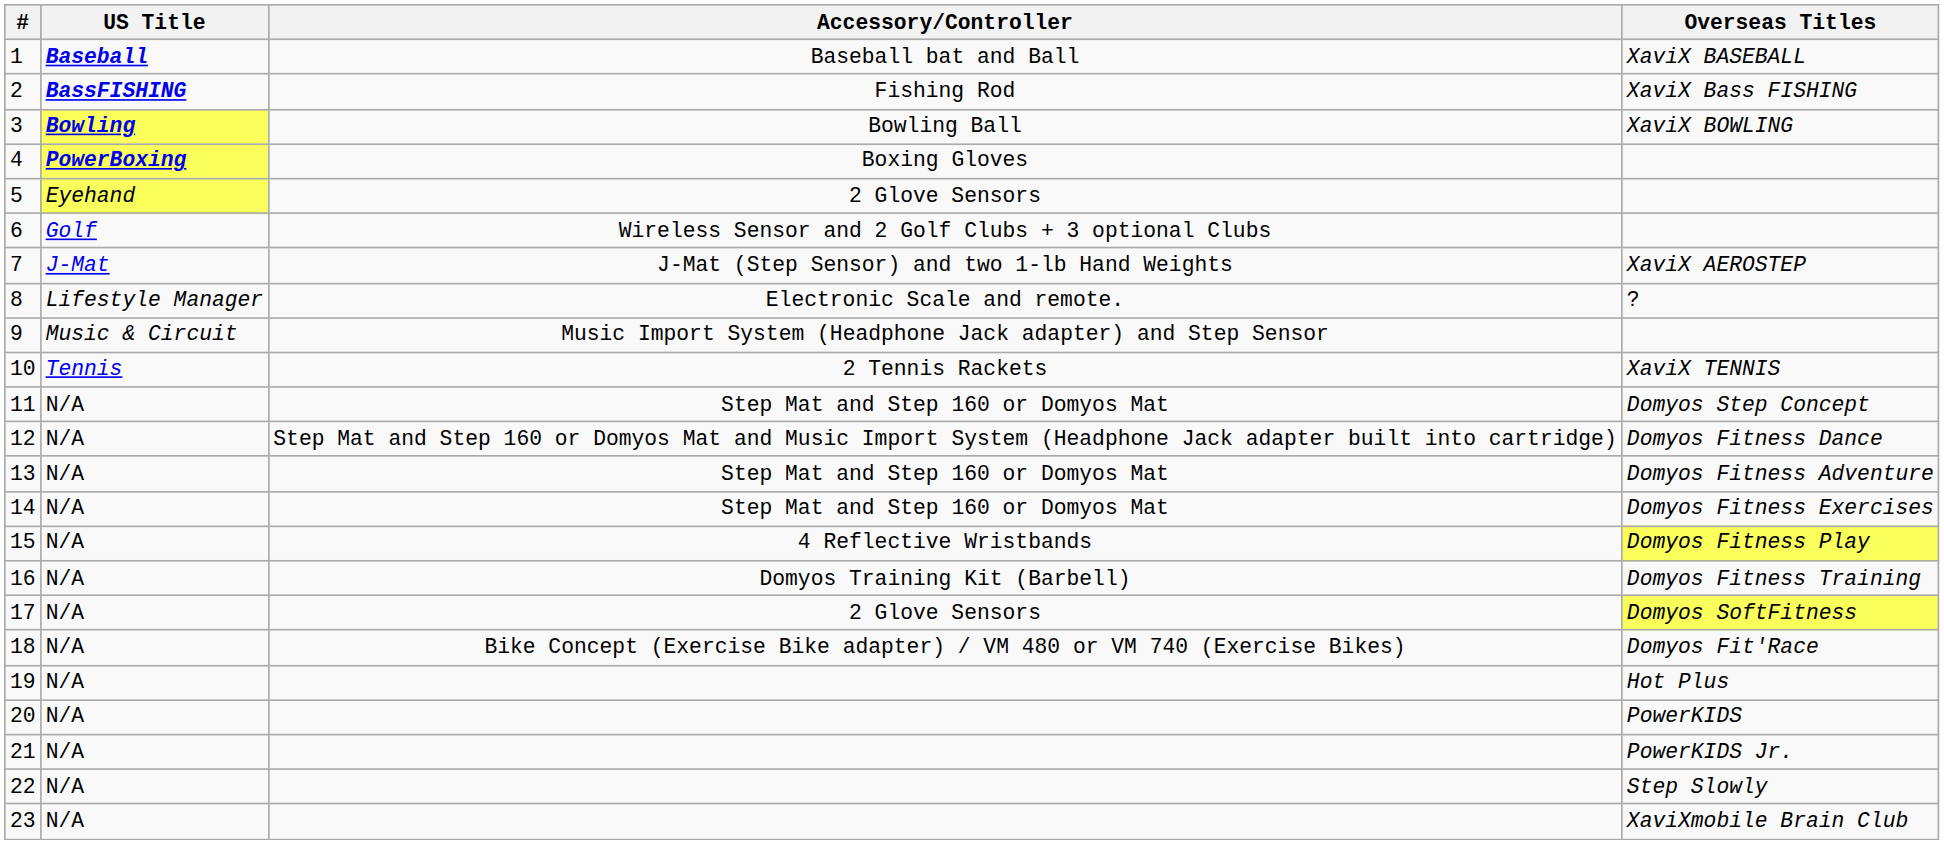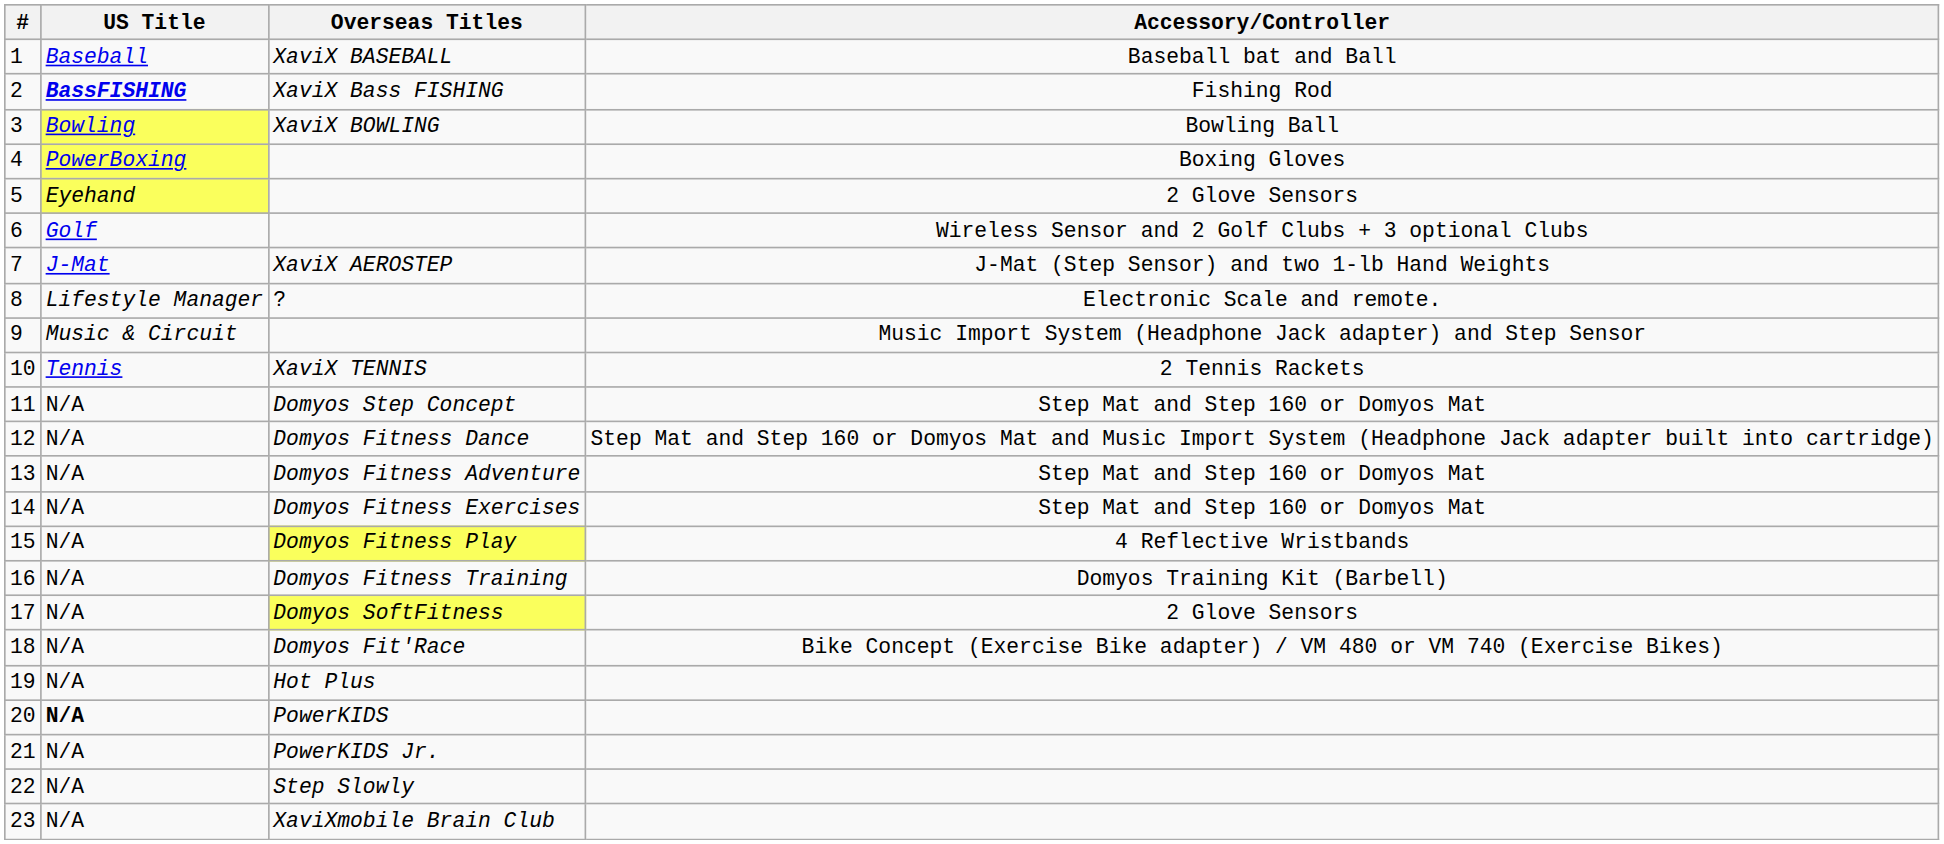 <table class="wikitable sortable" border="1" id="xavixgames">
 <tr>
 <th scope="col">#</th>
 <th scope="col">US Title</th>
+<th scope="col">Overseas Titles</th>
 <th scope="col">Accessory/Controller</th>
-<th scope="col">Overseas Titles</th>
 </tr>
 <tr>
 <td>1</td>
-<td><strong><em><a href='#'>Baseball</a></em></strong></td>
+<td><em><a href='#'>Baseball</a></em></td>
+<td><em>XaviX BASEBALL</em></td>
 <td style="text-align: center;">Baseball bat and Ball </td>
-<td><em>XaviX BASEBALL</em></td>
 </tr>
 <tr>
 <td>2</td>
 <td><strong><em><a href='#'>BassFISHING</a></em></strong></td>
+<td><em>XaviX Bass FISHING</em></td>
 <td style="text-align: center;">Fishing Rod</td>
-<td><em>XaviX Bass FISHING</em></td>
 </tr>
 <tr>
 <td>3</td>
-<td style="background:#FAFF5C;"><strong><em><a href='#'>Bowling</a></em></strong></td>
+<td style="background:#FAFF5C;"><em><a href='#'>Bowling</a></em></td>
+<td><em>XaviX BOWLING</em></td>
 <td style="text-align: center;">Bowling Ball</td>
-<td><em>XaviX BOWLING</em></td>
 </tr>
 <tr>
 <td>4</td>
-<td style="background:#FAFF5C;"><strong><em><a href='#'>PowerBoxing</a></em></strong></td>
+<td style="background:#FAFF5C;"><em><a href='#'>PowerBoxing</a></em></td>
+<td><em></em></td>
 <td style="text-align: center;">Boxing Gloves</td>
-<td><em></em></td>
 </tr>
 <tr>
 <td>5</td>
 <td style="background:#FAFF5C;"><em>Eyehand</em></td>
+<td><em></em></td>
 <td style="text-align: center;">2 Glove Sensors</td>
-<td><em></em></td>
 </tr>
 <tr>
 <td>6</td>
 <td><em><a href='#'>Golf</a></em></td>
+<td><em></em></td>
 <td style="text-align: center;">Wireless Sensor and 2 Golf Clubs + 3 optional Clubs</td>
-<td><em></em></td>
 </tr>
 <tr>
 <td>7</td>
 <td><em><a href='#'>J-Mat</a></em></td>
+<td><em>XaviX AEROSTEP</em></td>
 <td style="text-align: center;">J-Mat (Step Sensor) and two 1-lb Hand Weights</td>
-<td><em>XaviX AEROSTEP</em></td>
 </tr>
 <tr>
 <td>8</td>
 <td><em>Lifestyle Manager</em></td>
+<td>?</td>
 <td style="text-align: center;">Electronic Scale and remote.</td>
-<td>?</td>
 </tr>
 <tr>
 <td>9</td>
 <td><em>Music & Circuit</em></td>
+<td><em></em></td>
 <td style="text-align: center;">Music Import System (Headphone Jack adapter) and Step Sensor</td>
-<td><em></em></td>
 </tr>
 <tr>
 <td>10</td>
 <td><em><a href='#'>Tennis</a></em></td>
+<td><em>XaviX TENNIS</em></td>
 <td style="text-align: center;">2 Tennis Rackets </td>
-<td><em>XaviX TENNIS</em></td>
 </tr>
 <tr>
 <td>11</td>
 <td>N/A</td>
+<td><em>Domyos Step Concept</em></td>
 <td style="text-align: center;">Step Mat and Step 160 or Domyos Mat</td>
-<td><em>Domyos Step Concept</em></td>
 </tr>
 <tr>
 <td>12</td>
 <td>N/A</td>
+<td><em>Domyos Fitness Dance</em></td>
 <td style="text-align: center;">Step Mat and Step 160 or Domyos Mat and Music Import System (Headphone Jack adapter built into cartridge)</td>
-<td><em>Domyos Fitness Dance</em></td>
 </tr>
 <tr>
 <td>13</td>
 <td>N/A</td>
+<td><em>Domyos Fitness Adventure</em></td>
 <td style="text-align: center;">Step Mat and Step 160 or Domyos Mat</td>
-<td><em>Domyos Fitness Adventure</em></td>
 </tr>
 <tr>
 <td>14</td>
 <td>N/A</td>
+<td><em>Domyos Fitness Exercises</em></td>
 <td style="text-align: center;">Step Mat and Step 160 or Domyos Mat</td>
-<td><em>Domyos Fitness Exercises</em></td>
 </tr>
 <tr>
 <td>15</td>
 <td>N/A</td>
+<td style="background:#FAFF5C;"><em>Domyos Fitness Play</em></td>
 <td style="text-align: center;">4 Reflective Wristbands</td>
-<td style="background:#FAFF5C;"><em>Domyos Fitness Play</em></td>
 </tr>
 <tr>
 <td>16</td>
 <td>N/A</td>
+<td><em>Domyos Fitness Training</em></td>
 <td style="text-align: center;">Domyos Training Kit (Barbell)</td>
-<td><em>Domyos Fitness Training</em></td>
 </tr>
 <tr>
 <td>17</td>
 <td>N/A</td>
+<td style="background:#FAFF5C;"><em>Domyos SoftFitness</em></td>
 <td style="text-align: center;">2 Glove Sensors</td>
-<td style="background:#FAFF5C;"><em>Domyos SoftFitness</em></td>
 </tr>
 <tr>
 <td>18</td>
 <td>N/A</td>
+<td><em>Domyos Fit'Race</em></td>
 <td style="text-align: center;">Bike Concept (Exercise Bike adapter) / VM 480 or VM 740 (Exercise Bikes)</td>
-<td><em>Domyos Fit'Race</em></td>
 </tr>
 <tr>
 <td>19</td>
 <td>N/A</td>
+<td><em>Hot Plus</em></td>
 <td style="text-align: center;"></td>
-<td><em>Hot Plus</em></td>
 </tr>
 <tr>
 <td>20</td>
-<td>N/A</td>
+<td><strong>N/A</strong></td>
+<td><em>PowerKIDS </em></td>
 <td style="text-align: center;"></td>
-<td><em>PowerKIDS </em></td>
 </tr>
 <tr>
 <td>21</td>
 <td>N/A</td>
+<td><em>PowerKIDS Jr.</em></td>
 <td style="text-align: center;"></td>
-<td><em>PowerKIDS Jr.</em></td>
 </tr>
 <tr>
 <td>22</td>
 <td>N/A</td>
+<td><em>Step Slowly</em> </td>
 <td style="text-align: center; "></td>
-<td><em>Step Slowly</em> </td>
 </tr>
 <tr>
 <td>23</td>
 <td>N/A</td>
+<td><em>XaviXmobile Brain Club</em></td>
 <td style="text-align: center;"></td>
-<td><em>XaviXmobile Brain Club</em></td>
 </tr>
 </table>
